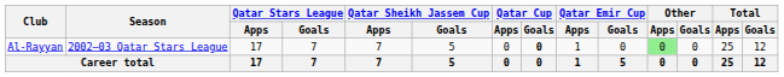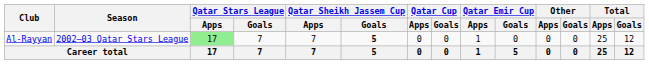 <table class="wikitable" style="text-align:center">
 <tr>
 <th rowspan="2">Club</th>
 <th rowspan="2">Season</th>
 <th colspan="2"><a href='#'>Qatar Stars League</a></th>
 <th colspan="2"><a href='#'>Qatar Sheikh Jassem Cup</a></th>
 <th colspan="2"><a href='#'>Qatar Cup</a></th>
 <th colspan="2"><a href='#'>Qatar Emir Cup</a></th>
 <th colspan="2">Other</th>
 <th colspan="2">Total</th>
 </tr>
 <tr>
 <th>Apps</th>
 <th>Goals</th>
 <th>Apps</th>
 <th>Goals</th>
 <th>Apps</th>
 <th>Goals</th>
 <th>Apps</th>
 <th>Goals</th>
 <th>Apps</th>
 <th>Goals</th>
 <th>Apps</th>
 <th>Goals</th>
 </tr>
 <tr>
 <td><a href='#'>Al-Rayyan</a></td>
 <td><a href='#'>2002–03 Qatar Stars League</a></td>
-<td>17</td>
+<td style="background: lightgreen;">17</td>
 <td>7</td>
 <td>7</td>
-<td>5</td>
+<td><strong>5</strong></td>
 <td>0</td>
-<td><strong>0</strong></td>
+<td>0</td>
 <td>1</td>
 <td>0</td>
-<td style="background: lightgreen;">0</td>
+<td>0</td>
 <td>0</td>
 <td>25</td>
 <td>12</td>
 </tr>
 <tr>
 <th colspan="2">Career total</th>
 <th>17</th>
 <th>7</th>
 <th>7</th>
 <th>5</th>
 <th>0</th>
 <th>0</th>
 <th>1</th>
 <th>5</th>
 <th>0</th>
 <th>0</th>
 <th>25</th>
 <th>12</th>
 </tr>
 </table>
